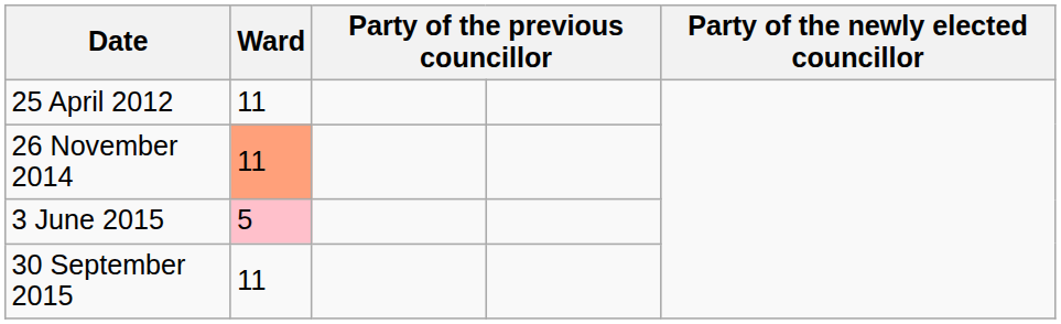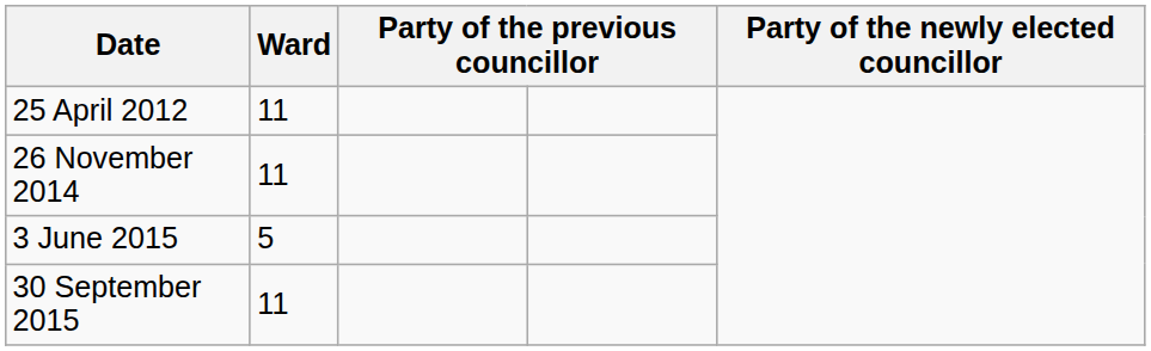 <table class="wikitable">
 <tr>
 <th>Date</th>
 <th>Ward</th>
 <th colspan=2>Party of the previous councillor</th>
 <th colspan=2>Party of the newly elected councillor</th>
 </tr>
 <tr>
 <td>25 April 2012</td>
 <td>11</td>
 <td></td>
 <td></td>
 </tr>
 <tr>
 <td>26 November 2014</td>
-<td style="background: lightsalmon;">11</td>
+<td>11</td>
 <td></td>
 <td></td>
 </tr>
 <tr>
 <td>3 June 2015</td>
-<td style="background: pink;">5</td>
+<td>5</td>
 <td></td>
 <td></td>
 </tr>
 <tr>
 <td>30 September 2015</td>
 <td>11</td>
 <td></td>
 <td></td>
 </tr>
 </table>
